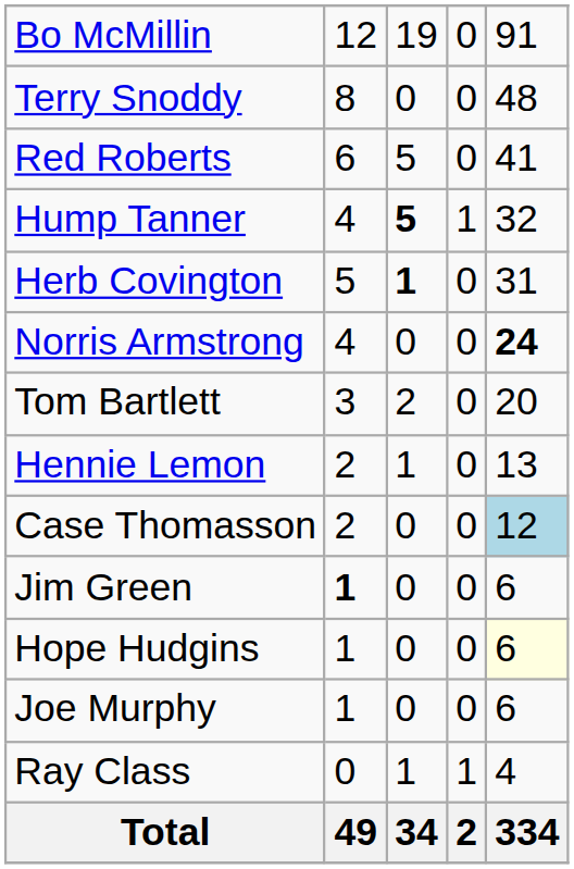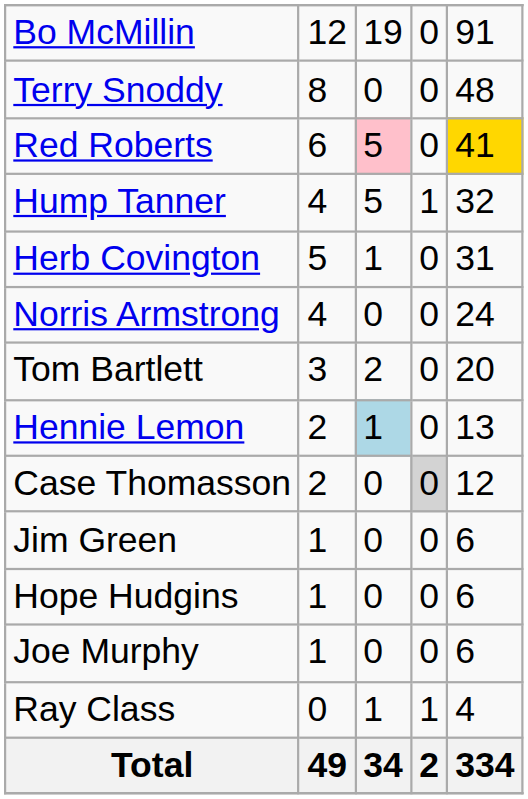 <table class="wikitable">
 <tr>
 </tr>
 <tr>
 <td><a href='#'>Bo McMillin</a></td>
 <td>12</td>
 <td>19</td>
 <td>0</td>
 <td>91</td>
 </tr>
 <tr>
 <td><a href='#'>Terry Snoddy</a></td>
 <td>8</td>
 <td>0</td>
 <td>0</td>
 <td>48</td>
 </tr>
 <tr>
 <td><a href='#'>Red Roberts</a></td>
 <td>6</td>
-<td>5</td>
+<td style="background: pink;">5</td>
 <td>0</td>
-<td>41</td>
+<td style="background: gold;">41</td>
 </tr>
 <tr>
 <td><a href='#'>Hump Tanner</a></td>
 <td>4</td>
-<td><strong>5</strong></td>
+<td>5</td>
 <td>1</td>
 <td>32</td>
 </tr>
 <tr>
 <td><a href='#'>Herb Covington</a></td>
 <td>5</td>
-<td><strong>1</strong></td>
+<td>1</td>
 <td>0</td>
 <td>31</td>
 </tr>
 <tr>
 <td><a href='#'>Norris Armstrong</a></td>
 <td>4</td>
 <td>0</td>
 <td>0</td>
-<td><strong>24</strong></td>
+<td>24</td>
 </tr>
 <tr>
 <td>Tom Bartlett</td>
 <td>3</td>
 <td>2</td>
 <td>0</td>
 <td>20</td>
 </tr>
 <tr>
 <td><a href='#'>Hennie Lemon</a></td>
 <td>2</td>
-<td>1</td>
+<td style="background: lightblue;">1</td>
 <td>0</td>
 <td>13</td>
 </tr>
 <tr>
 <td>Case Thomasson</td>
 <td>2</td>
 <td>0</td>
-<td>0</td>
-<td style="background: lightblue;">12</td>
+<td style="background: lightgrey;">0</td>
+<td>12</td>
 </tr>
 <tr>
 <td>Jim Green</td>
-<td><strong>1</strong></td>
+<td>1</td>
 <td>0</td>
 <td>0</td>
 <td>6</td>
 </tr>
 <tr>
 <td>Hope Hudgins</td>
 <td>1</td>
 <td>0</td>
 <td>0</td>
-<td style="background: lightyellow;">6</td>
+<td>6</td>
 </tr>
 <tr>
 <td>Joe Murphy</td>
 <td>1</td>
 <td>0</td>
 <td>0</td>
 <td>6</td>
 </tr>
 <tr>
 <td>Ray Class</td>
 <td>0</td>
 <td>1</td>
 <td>1</td>
 <td>4</td>
 </tr>
 <tr>
 <th>Total</th>
 <th>49</th>
 <th>34</th>
 <th>2</th>
 <th>334</th>
 </tr>
 <tr style="text-align:center;" bgcolor="">
 </tr>
 </table>
